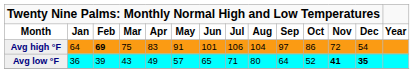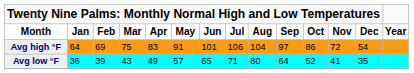 <table class="wikitable" "text-align:center;font-size:90%;">
 <tr>
 <td colspan="13" style="text-align:center;font-size:120%;"><strong>Twenty Nine Palms: Monthly Normal High and Low Temperatures</strong></td>
 </tr>
 <tr>
 <th style="background: #FFFFFF; color: #000000" height="17">Month</th>
 <th style="background: #FFFFFF; color:black;">Jan</th>
 <th style="background: #FFFFFF; color:black;">Feb</th>
 <th style="background: #FFFFFF; color:black;">Mar</th>
 <th style="background: #FFFFFF; color:black;">Apr</th>
 <th style="background: #FFFFFF; color:black;">May</th>
 <th style="background: #FFFFFF; color:black;">Jun</th>
 <th style="background: #FFFFFF; color:black;">Jul</th>
 <th style="background: #FFFFFF; color:black;">Aug</th>
 <th style="background: #FFFFFF; color:black;">Sep</th>
 <th style="background: #FFFFFF; color:black;">Oct</th>
 <th style="background: #FFFFFF; color:black;">Nov</th>
 <th style="background: #FFFFFF; color:black;">Dec</th>
 <th style="background: #FFFFFF; color:black;">Year</th>
 </tr>
 <tr>
 <th style="background: #EFEFEF; color:#000080; font-size: 90%">Avg high °F</th>
 <td style="background: #FB9B13; color:black; font-size: 90%">64</td>
-<td style="background: #FB9B13; color:black; font-size: 90%"><strong>69</strong></td>
+<td style="background: #FB9B13; color:black; font-size: 90%">69</td>
 <td style="background: #FB9B13; color:black; font-size: 90%">75</td>
 <td style="background: #FB9B13; color:black; font-size: 90%">83</td>
 <td style="background: #FB9B13; color:black; font-size: 90%">91</td>
 <td style="background: #FB9B13; color:black; font-size: 90%">101</td>
 <td style="background: #FB9B13; color:black; font-size: 90%">106</td>
 <td style="background: #FB9B13; color:black; font-size: 90%">104</td>
 <td style="background: #FB9B13; color:black; font-size: 90%">97</td>
 <td style="background: #FB9B13; color:black; font-size: 90%">86</td>
 <td style="background: #FB9B13; color:black; font-size: 90%">72</td>
 <td style="background: #FB9B13; color:black; font-size: 90%">54</td>
 <td style="background: #FB9B13; color:black; font-size: 90%"></td>
 </tr>
 <tr>
 <th style="background: #EFEFEF; color:#000080; font-size: 90%" height="16;">Avg low °F</th>
 <td style="background: #00FFFF; color: black; font-size: 90%">36</td>
 <td style="background: #00FFFF; color: black; font-size: 90%">39</td>
 <td style="background: #00FFFF; color: black; font-size: 90%">43</td>
 <td style="background: #00FFFF; color: black; font-size: 90%">49</td>
 <td style="background: #00FFFF; color: black; font-size: 90%">57</td>
 <td style="background: #00FFFF; color: black; font-size: 90%">65</td>
 <td style="background: #00FFFF; color: black; font-size: 90%">71</td>
 <td style="background: #00FFFF; color: black; font-size: 90%">80</td>
 <td style="background: #00FFFF; color: black; font-size: 90%">64</td>
 <td style="background: #00FFFF; color: black; font-size: 90%">52</td>
-<td style="background: #00FFFF; color: black; font-size: 90%"><strong>41</strong></td>
-<td style="background: #00FFFF; color: black; font-size: 90%"><strong>35</strong></td>
+<td style="background: #00FFFF; color: black; font-size: 90%">41</td>
+<td style="background: #00FFFF; color: black; font-size: 90%">35</td>
 <td style="background: #00FFFF; color: black; font-size: 90%"></td>
 </tr>
 <tr>
 </tr>
 </table>
